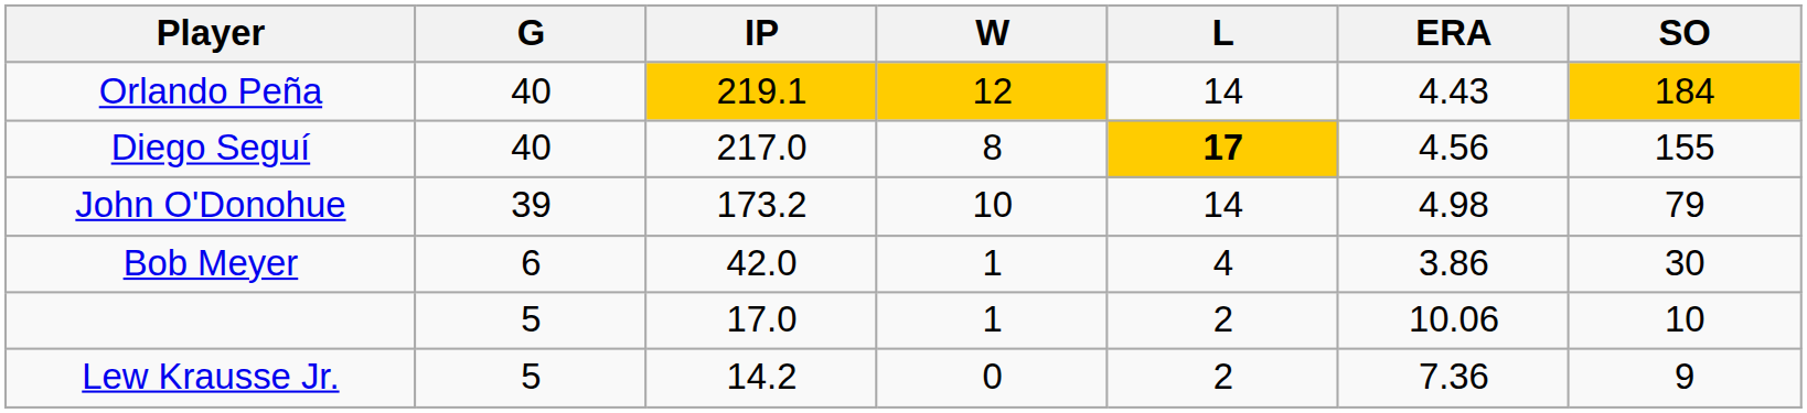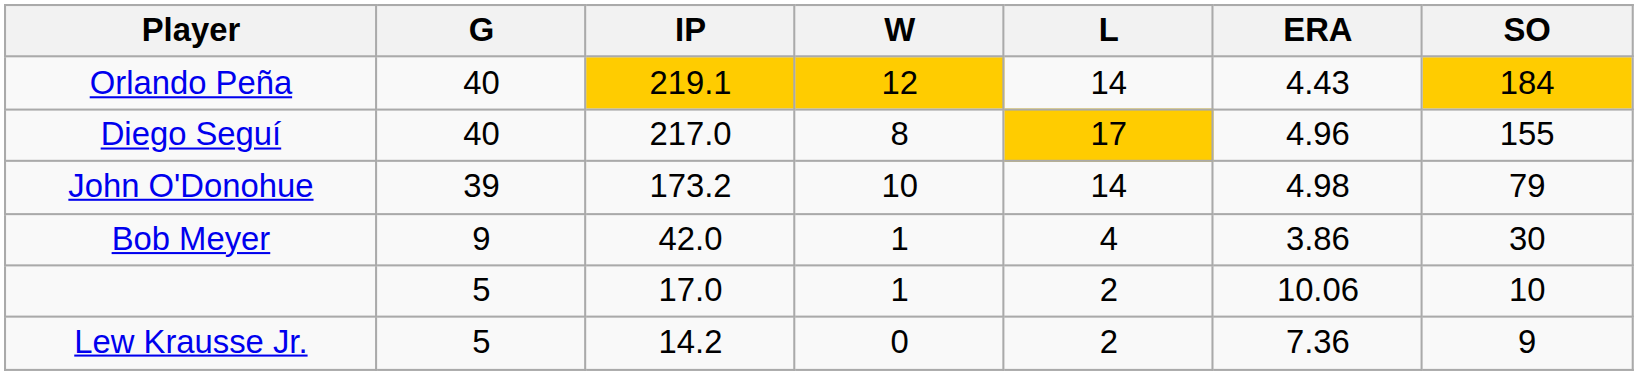 <table class="wikitable sortable">
 <tr>
 <th bgcolor="#DDDDFF" width="16%">Player</th>
 <th bgcolor="#DDDDFF" width="9%">G</th>
 <th bgcolor="#DDDDFF" width="9%">IP</th>
 <th bgcolor="#DDDDFF" width="9%">W</th>
 <th bgcolor="#DDDDFF" width="9%">L</th>
 <th bgcolor="#DDDDFF" width="9%">ERA</th>
 <th bgcolor="#DDDDFF" width="9%">SO</th>
 </tr>
 <tr align="center">
 <td><a href='#'>Orlando Peña</a></td>
 <td>40</td>
 <td style="background:#fc0;">219.1</td>
 <td style="background:#fc0;">12</td>
 <td>14</td>
 <td>4.43</td>
 <td style="background:#fc0;">184</td>
 </tr>
 <tr align=center>
 <td><a href='#'>Diego Seguí</a></td>
 <td>40</td>
 <td>217.0</td>
 <td>8</td>
-<td style="background:#fc0;"><strong>17</strong></td>
-<td>4.56</td>
+<td style="background:#fc0;">17</td>
+<td>4.96</td>
 <td>155</td>
 </tr>
 <tr align=center>
 <td><a href='#'>John O'Donohue</a></td>
 <td>39</td>
 <td>173.2</td>
 <td>10</td>
 <td>14</td>
 <td>4.98</td>
 <td>79</td>
 </tr>
 <tr align=center>
 <td><a href='#'>Bob Meyer</a></td>
-<td>6</td>
+<td>9</td>
 <td>42.0</td>
 <td>1</td>
 <td>4</td>
 <td>3.86</td>
 <td>30</td>
 </tr>
 <tr align=center>
 <td></td>
 <td>5</td>
 <td>17.0</td>
 <td>1</td>
 <td>2</td>
 <td>10.06</td>
 <td>10</td>
 </tr>
 <tr align="center">
 <td><a href='#'>Lew Krausse Jr.</a></td>
 <td>5</td>
 <td>14.2</td>
 <td>0</td>
 <td>2</td>
 <td>7.36</td>
 <td>9</td>
 </tr>
 </table>
